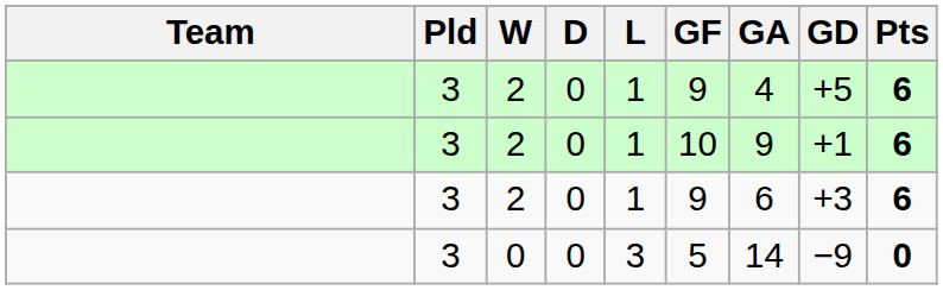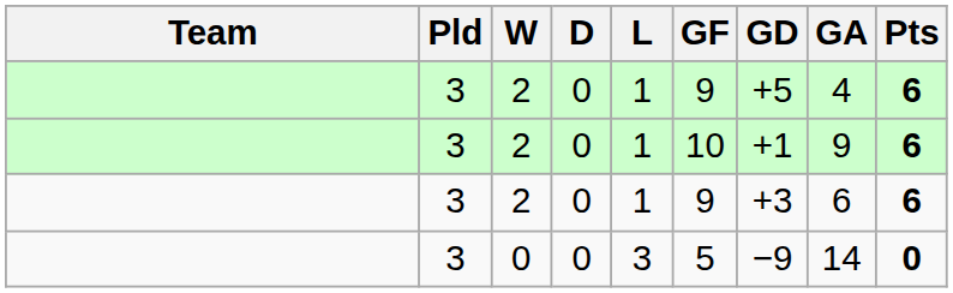 <table class="wikitable" style="text-align:center;">
 <tr>
 <th width=180>Team</th>
 <th width=20>Pld</th>
 <th width=20>W</th>
 <th width=20>D</th>
 <th width=20>L</th>
 <th width=20>GF</th>
+<th width=20>GD</th>
 <th width=20>GA</th>
-<th width=20>GD</th>
 <th width=20>Pts</th>
 </tr>
 <tr align=center style="background:#ccffcc;">
 <td style="text-align:left;"></td>
 <td>3</td>
 <td>2</td>
 <td>0</td>
 <td>1</td>
 <td>9</td>
+<td>+5</td>
 <td>4</td>
-<td>+5</td>
 <td><strong>6</strong></td>
 </tr>
 <tr align=center style="background:#ccffcc;">
 <td style="text-align:left;"></td>
 <td>3</td>
 <td>2</td>
 <td>0</td>
 <td>1</td>
 <td>10</td>
+<td>+1</td>
 <td>9</td>
-<td>+1</td>
 <td><strong>6</strong></td>
 </tr>
 <tr align=center>
 <td style="text-align:left;"></td>
 <td>3</td>
 <td>2</td>
 <td>0</td>
 <td>1</td>
 <td>9</td>
+<td>+3</td>
 <td>6</td>
-<td>+3</td>
 <td><strong>6</strong></td>
 </tr>
 <tr align=center>
 <td style="text-align:left;"></td>
 <td>3</td>
 <td>0</td>
 <td>0</td>
 <td>3</td>
 <td>5</td>
+<td>−9</td>
 <td>14</td>
-<td>−9</td>
 <td><strong>0</strong></td>
 </tr>
 </table>
